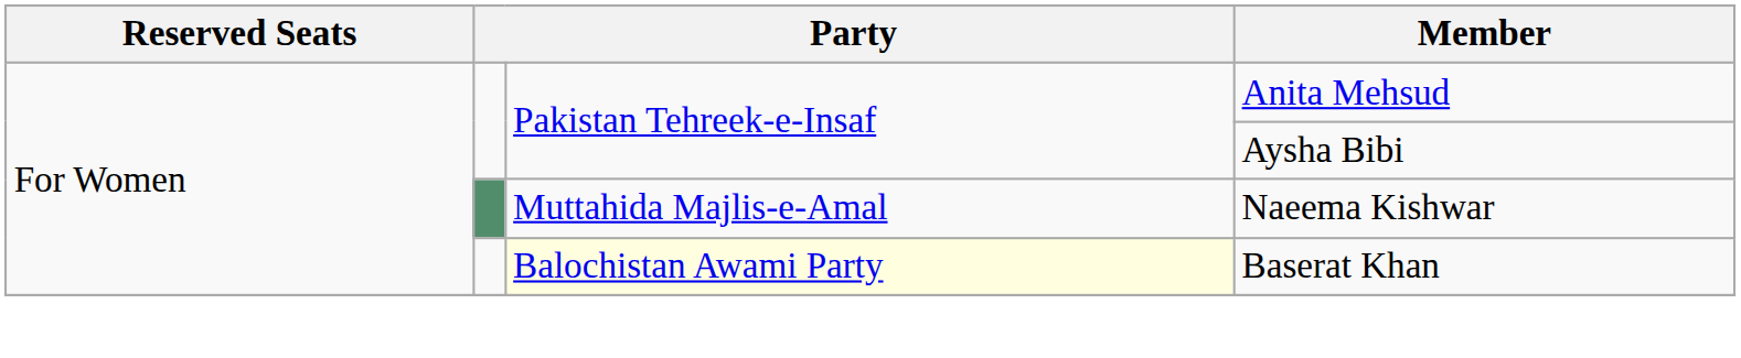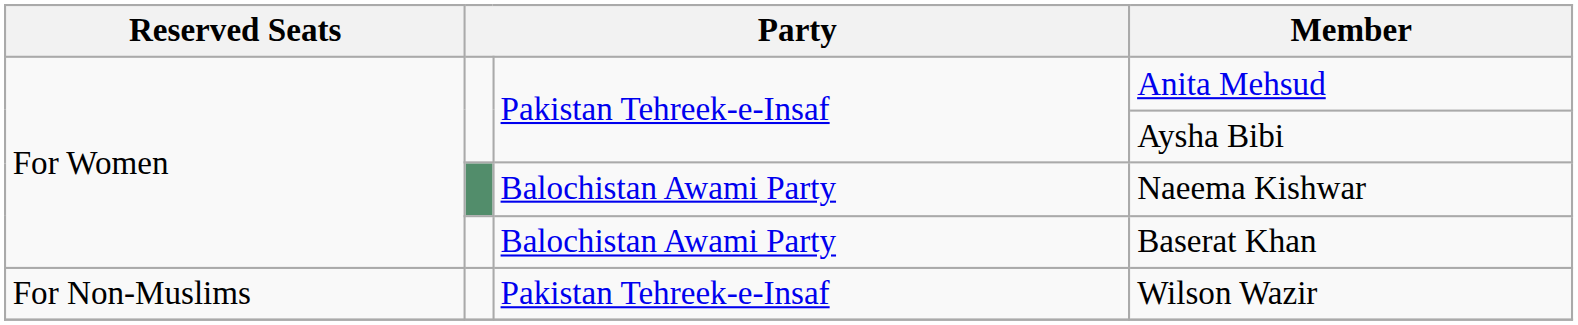 <table class="wikitable sortable" style="width: 60%;">
 <tr>
 <th class="unsortable">Reserved Seats</th>
 <th colspan="2">Party</th>
 <th class="unsortable">Member</th>
 </tr>
 <tr>
 <td rowspan="4">For Women</td>
 <td rowspan="2" style="background-color:"></td>
 <td rowspan="2"><a href='#'>Pakistan Tehreek-e-Insaf</a></td>
 <td><a href='#'>Anita Mehsud</a></td>
 </tr>
 <tr>
 <td>Aysha Bibi</td>
 </tr>
 <tr>
 <td rowspan="1" style="background-color:#528d6b"></td>
-<td rowspan="1"><a href='#'>Muttahida Majlis-e-Amal</a></td>
+<td rowspan="1"><a href='#'>Balochistan Awami Party</a></td>
 <td>Naeema Kishwar</td>
 </tr>
 <tr>
 <td rowspan="1" style="background-color:"></td>
-<td rowspan="1" style="background: lightyellow;"><a href='#'>Balochistan Awami Party</a></td>
+<td rowspan="1"><a href='#'>Balochistan Awami Party</a></td>
 <td>Baserat Khan</td>
+</tr>
+<tr>
+<td rowspan="1">For Non-Muslims</td>
+<td rowspan="1" style="background-color:"></td>
+<td rowspan="1"><a href='#'>Pakistan Tehreek-e-Insaf</a></td>
+<td>Wilson Wazir</td>
 </tr>
 <tr>
 </tr>
 </table>
